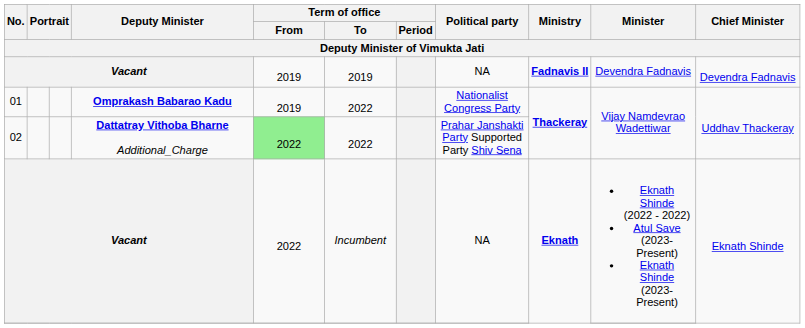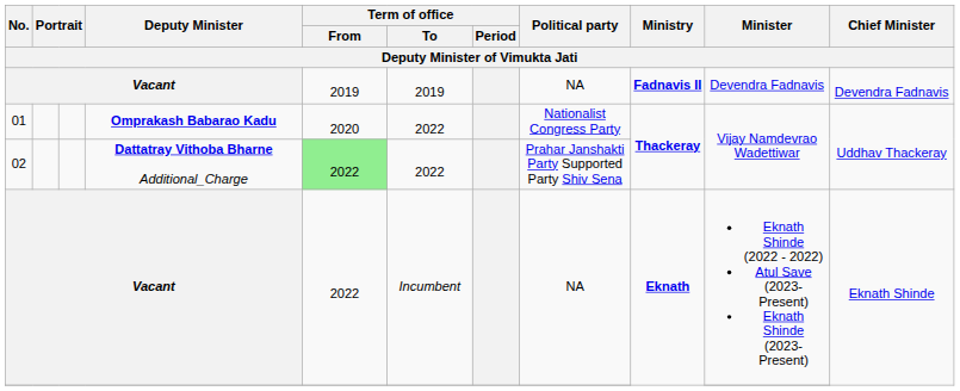 <table class="wikitable" style="text-align:center">
 <tr>
 <th rowspan="2">No.</th>
 <th rowspan="2" colspan="2">Portrait</th>
 <th rowspan="2" style="width:16em">Deputy Minister<br></th>
 <th colspan="3">Term of office</th>
 <th rowspan="2" style="width:8em">Political party</th>
 <th rowspan="2">Ministry</th>
 <th rowspan="2" style="width:9em">Minister</th>
 <th rowspan="2" style="width:9em">Chief Minister</th>
 </tr>
 <tr>
 <th style="width:6em">From</th>
 <th style="width:6em">To</th>
 <th>Period</th>
 </tr>
 <tr>
 <th colspan="11">Deputy Minister of Vimukta Jati</th>
 </tr>
 <tr>
 <th colspan="04"><strong><em> Vacant</em></strong></th>
 <td><br>2019</td>
 <td><br>2019</td>
 <th></th>
 <td>NA</td>
 <td rowspan="1"><a href='#'><strong>Fadnavis II</strong></a></td>
 <td><a href='#'>Devendra Fadnavis</a></td>
 <td rowspan="1"> <br><a href='#'>Devendra Fadnavis</a></td>
 </tr>
 <tr>
 <td>01</td>
 <td style="color:inherit;background:"></td>
 <td></td>
 <td><strong><a href='#'>Omprakash Babarao Kadu</a></strong> <br> </td>
-<td><br>2019</td>
+<td><br>2020</td>
 <td><br>2022</td>
 <th></th>
 <td><a href='#'>Nationalist Congress Party</a></td>
 <td rowspan="2"><a href='#'><strong>Thackeray</strong></a></td>
 <td rowspan="2"><a href='#'>Vijay Namdevrao Wadettiwar</a></td>
 <td rowspan="2"> <br><a href='#'>Uddhav Thackeray</a></td>
 </tr>
 <tr>
 <td>02</td>
 <td style="color:inherit;background:"></td>
 <td></td>
 <td><strong><a href='#'>Dattatray Vithoba Bharne</a></strong><br> <br><em>Additional_Charge</em></td>
 <td style="background: lightgreen;"><br>2022</td>
 <td><br>2022</td>
 <th></th>
 <td><a href='#'>Prahar Janshakti Party</a> Supported Party <a href='#'>Shiv Sena</a></td>
 </tr>
 <tr>
 <th colspan="04"><strong><em>Vacant</em></strong></th>
 <td><br>2022</td>
 <td><em>Incumbent</em></td>
 <th></th>
 <td>NA</td>
 <td rowspan="2"><a href='#'><strong>Eknath</strong></a></td>
 <td><br><ul><li><a href='#'>Eknath Shinde</a><br>(2022 - 2022)</li><li><a href='#'>Atul Save</a><br> (2023- Present)</li><li><a href='#'>Eknath Shinde</a><br> (2023- Present)</li></ul></td>
 <td rowspan="2"> <br><a href='#'>Eknath Shinde</a></td>
 </tr>
 <tr>
 </tr>
 </table>
